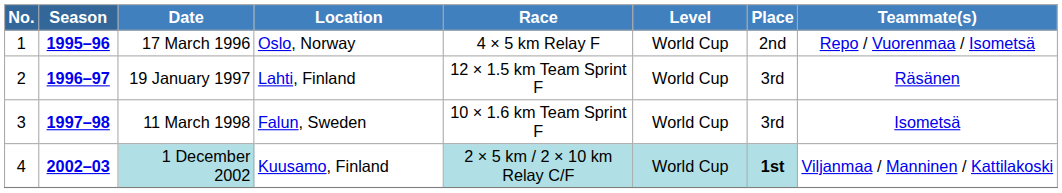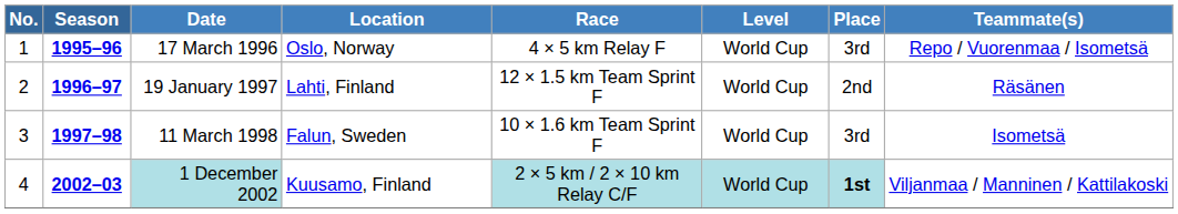 <table class="wikitable sortable" style="font-size:95%; text-align:center; border:grey solid 1px; border-collapse:collapse; background:#ffffff;">
 <tr style="background:#efefef;">
 <th style="background-color:#369; color:white;">No.</th>
 <th style="background-color:#369; color:white;">Season</th>
 <th style="background-color:#4180be; color:white; width:120px;">Date</th>
 <th style="background-color:#4180be; color:white; width:170px;">Location</th>
 <th style="background-color:#4180be; color:white; width:170px;">Race</th>
 <th style="background-color:#4180be; color:white; width:100px;">Level</th>
 <th style="background-color:#4180be; color:white;">Place</th>
 <th style="background-color:#4180be; color:white;">Teammate(s)</th>
 </tr>
 <tr>
 <td align=center>1</td>
 <td rowspan=1 align=center><strong> <a href='#'>1995–96</a> </strong></td>
 <td align=right>17 March 1996</td>
 <td align=left> <a href='#'>Oslo</a>, Norway</td>
 <td>4 × 5 km Relay F</td>
 <td>World Cup</td>
-<td>2nd</td>
+<td>3rd</td>
 <td><a href='#'>Repo</a> / <a href='#'>Vuorenmaa</a> / <a href='#'>Isometsä</a></td>
 </tr>
 <tr>
 <td align=center>2</td>
 <td rowspan=1 align=center><strong> <a href='#'>1996–97</a> </strong></td>
 <td align=right>19 January 1997</td>
 <td align=left> <a href='#'>Lahti</a>, Finland</td>
 <td>12 × 1.5 km Team Sprint F</td>
 <td>World Cup</td>
-<td>3rd</td>
+<td>2nd</td>
 <td><a href='#'>Räsänen</a></td>
 </tr>
 <tr>
 <td align=center>3</td>
 <td rowspan=1 align=center><strong> <a href='#'>1997–98</a> </strong></td>
 <td align=right>11 March 1998</td>
 <td align=left> <a href='#'>Falun</a>, Sweden</td>
 <td>10 × 1.6 km Team Sprint F</td>
 <td>World Cup</td>
 <td>3rd</td>
 <td><a href='#'>Isometsä</a></td>
 </tr>
 <tr>
 <td align=center>4</td>
 <td rowspan=1 align=center><strong><a href='#'>2002–03</a></strong></td>
 <td bgcolor="#BOEOE6" align=right>1 December 2002</td>
 <td align=left> <a href='#'>Kuusamo</a>, Finland</td>
 <td bgcolor="#BOEOE6">2 × 5 km / 2 × 10 km Relay C/F</td>
 <td bgcolor="#BOEOE6">World Cup</td>
 <td bgcolor="#BOEOE6"><strong>1st</strong></td>
 <td><a href='#'>Viljanmaa</a> / <a href='#'>Manninen</a> / <a href='#'>Kattilakoski</a></td>
 </tr>
 <tr>
 </tr>
 </table>
